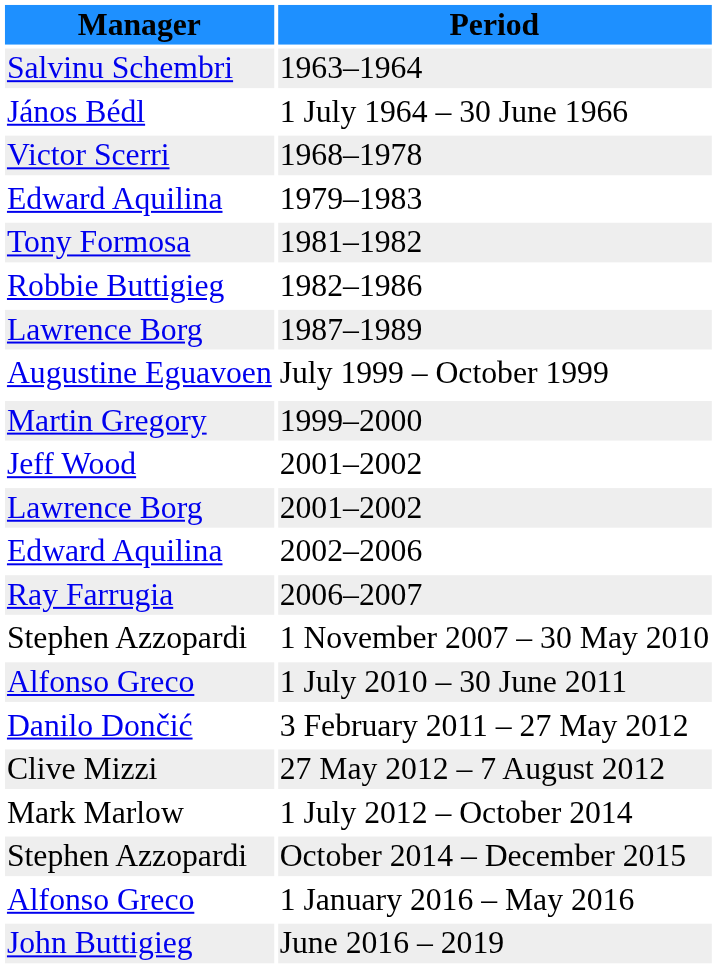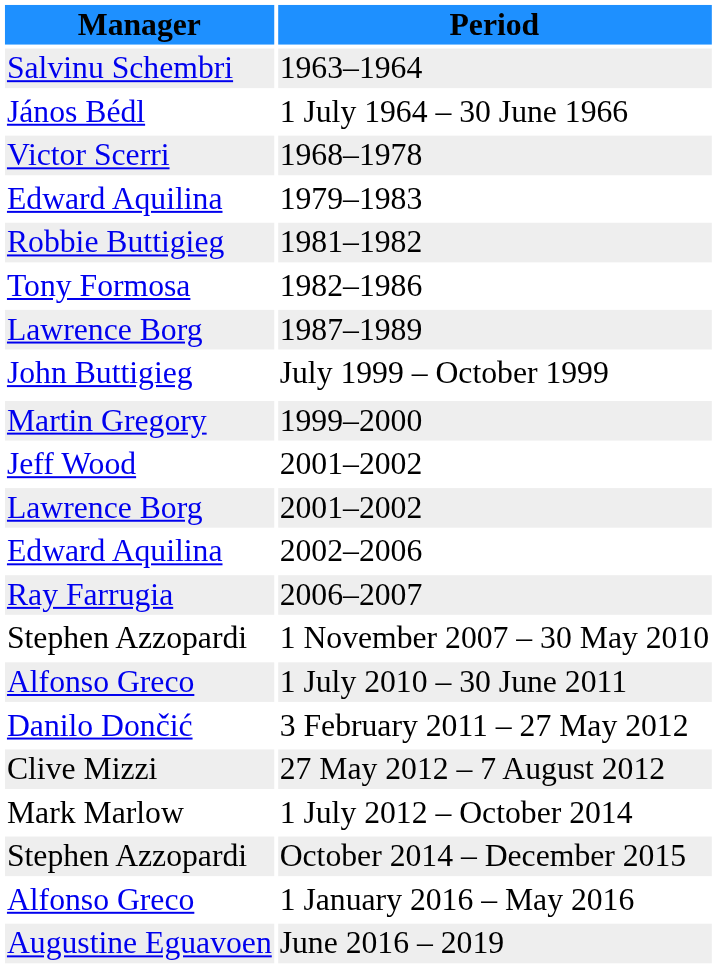 <table class="toccolours">
 <tr>
 <th bgcolor=1E90FF>Manager</th>
 <th bgcolor=1E90FF>Period</th>
 </tr>
 <tr style="background:#eee;">
 <td> <a href='#'>Salvinu Schembri</a></td>
 <td>1963–1964</td>
 </tr>
 <tr>
 <td> <a href='#'>János Bédl</a></td>
 <td>1 July 1964 – 30 June 1966</td>
 </tr>
 <tr style="background:#eee;">
 <td> <a href='#'>Victor Scerri</a></td>
 <td>1968–1978</td>
 </tr>
 <tr>
 <td> <a href='#'>Edward Aquilina</a></td>
 <td>1979–1983</td>
 </tr>
 <tr style="background:#eee;">
-<td> <a href='#'>Tony Formosa</a></td>
+<td> <a href='#'>Robbie Buttigieg</a></td>
 <td>1981–1982</td>
 </tr>
 <tr>
-<td> <a href='#'>Robbie Buttigieg</a></td>
+<td> <a href='#'>Tony Formosa</a></td>
 <td>1982–1986</td>
 </tr>
 <tr style="background:#eee;">
 <td> <a href='#'>Lawrence Borg</a></td>
 <td>1987–1989</td>
 </tr>
 <tr>
-<td> <a href='#'>Augustine Eguavoen</a></td>
+<td> <a href='#'>John Buttigieg</a></td>
 <td>July 1999 – October 1999</td>
 </tr>
 <tr>
 </tr>
 <tr style="background:#eee;">
 <td> <a href='#'>Martin Gregory</a></td>
 <td>1999–2000</td>
 </tr>
 <tr>
 <td> <a href='#'>Jeff Wood</a></td>
 <td>2001–2002</td>
 </tr>
 <tr style="background:#eee;">
 <td> <a href='#'>Lawrence Borg</a></td>
 <td>2001–2002</td>
 </tr>
 <tr 2001–02>
 <td> <a href='#'>Edward Aquilina</a></td>
 <td>2002–2006</td>
 </tr>
 <tr style="background:#eee;">
 <td> <a href='#'>Ray Farrugia</a></td>
 <td>2006–2007</td>
 </tr>
 <tr>
 <td> Stephen Azzopardi</td>
 <td>1 November 2007 – 30 May 2010</td>
 </tr>
 <tr style="background:#eee;">
 <td> <a href='#'>Alfonso Greco</a></td>
 <td>1 July 2010 – 30 June 2011</td>
 </tr>
 <tr>
 <td> <a href='#'>Danilo Dončić</a></td>
 <td>3 February 2011 – 27 May 2012</td>
 </tr>
 <tr style="background:#eee;">
 <td> Clive Mizzi</td>
 <td>27 May 2012 – 7 August 2012</td>
 </tr>
 <tr>
 <td> Mark Marlow</td>
 <td>1 July 2012 – October 2014</td>
 </tr>
 <tr style="background:#eee;">
 <td> Stephen Azzopardi</td>
 <td>October 2014 – December 2015</td>
 </tr>
 <tr>
 <td> <a href='#'>Alfonso Greco</a></td>
 <td>1 January 2016 – May 2016</td>
 </tr>
 <tr style="background:#eee;">
-<td> <a href='#'>John Buttigieg</a></td>
+<td> <a href='#'>Augustine Eguavoen</a></td>
 <td>June 2016 – 2019</td>
 </tr>
 </table>
